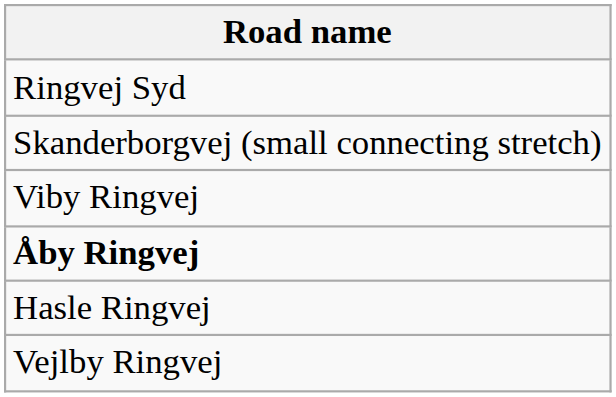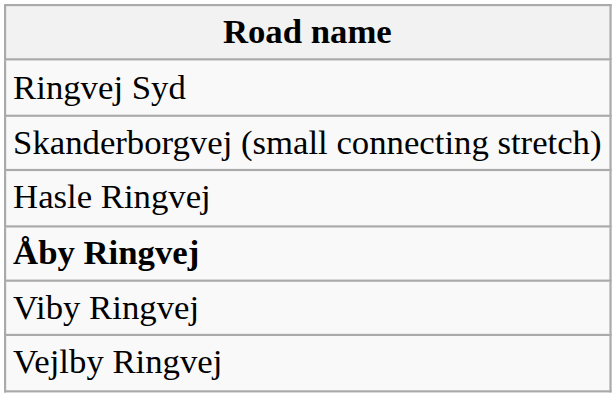 <table class="wikitable">
 <tr>
 <th>Road name</th>
 </tr>
 <tr>
 <td>Ringvej Syd</td>
 </tr>
 <tr>
 <td>Skanderborgvej (small connecting stretch)</td>
 </tr>
 <tr>
-<td>Viby Ringvej</td>
+<td>Hasle Ringvej</td>
 </tr>
 <tr>
 <td><strong>Åby Ringvej</strong></td>
 </tr>
 <tr>
-<td>Hasle Ringvej</td>
+<td>Viby Ringvej</td>
 </tr>
 <tr>
 <td>Vejlby Ringvej</td>
 </tr>
 </table>
